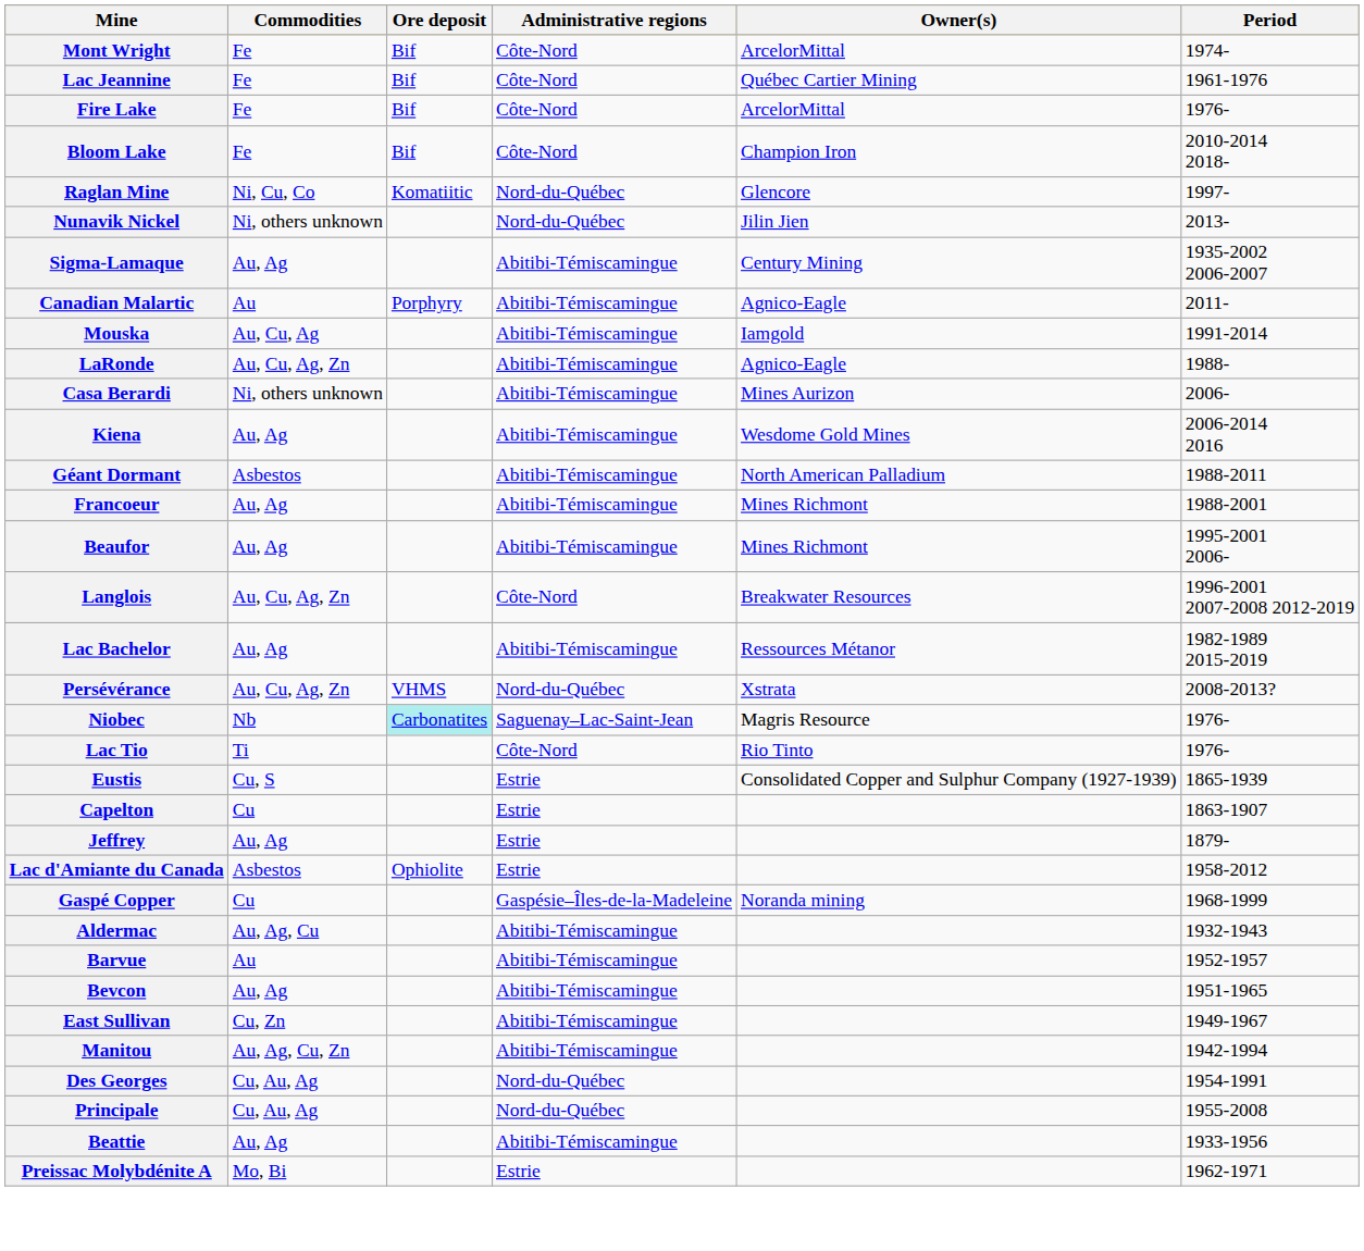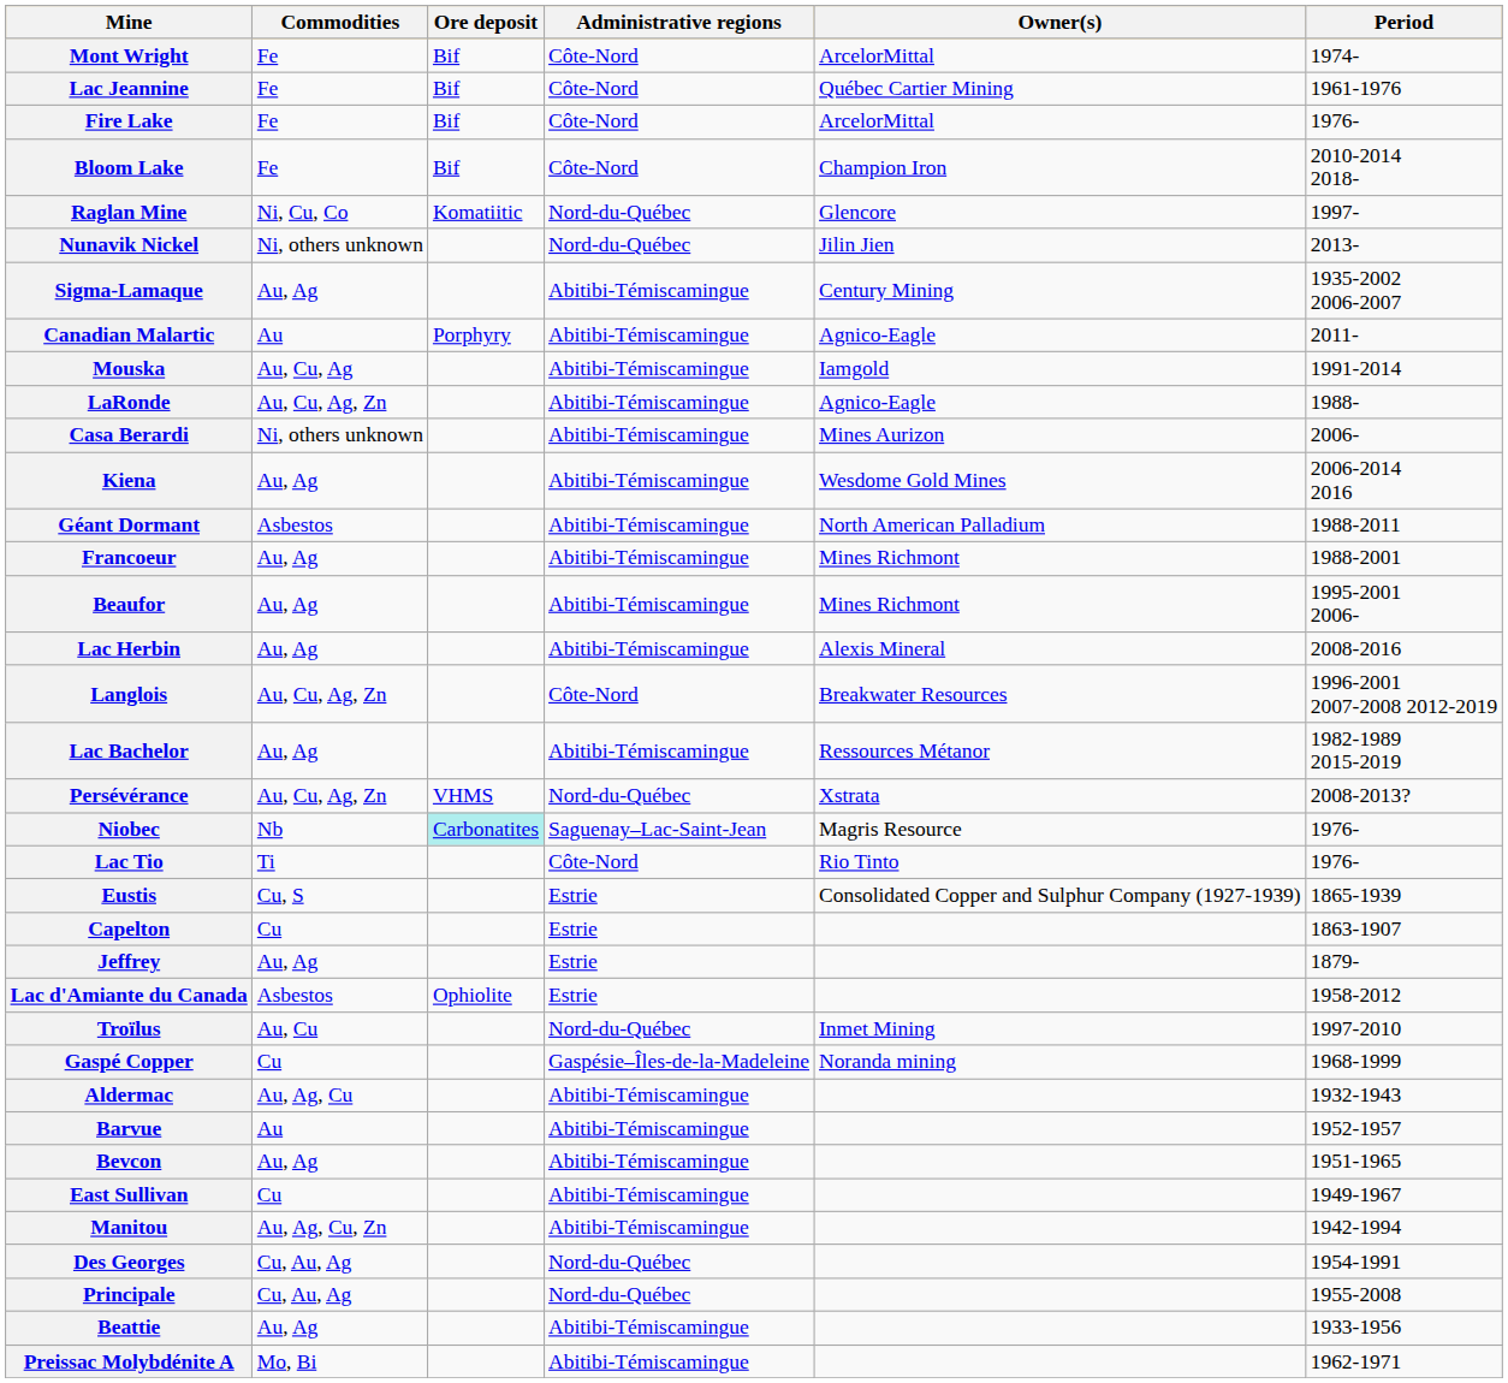 <table class="wikitable sortable" width: 100%">
 <tr style="text-align:center; background:#daa520;">
 <th><strong>Mine</strong></th>
 <th><strong>Commodities</strong></th>
 <th><strong>Ore deposit</strong></th>
 <th><strong>Administrative regions</strong></th>
 <th><strong>Owner(s)</strong></th>
 <th><strong>Period</strong></th>
 </tr>
 <tr>
 <th><a href='#'>Mont Wright</a></th>
 <td><a href='#'>Fe</a></td>
 <td><a href='#'>Bif</a></td>
 <td><a href='#'>Côte-Nord</a></td>
 <td><a href='#'>ArcelorMittal</a></td>
 <td>1974-</td>
 </tr>
 <tr>
 <th><a href='#'>Lac Jeannine</a></th>
 <td><a href='#'>Fe</a></td>
 <td><a href='#'>Bif</a></td>
 <td><a href='#'>Côte-Nord</a></td>
 <td><a href='#'>Québec Cartier Mining</a></td>
 <td>1961-1976</td>
 </tr>
 <tr>
 <th><a href='#'>Fire Lake</a></th>
 <td><a href='#'>Fe</a></td>
 <td><a href='#'>Bif</a></td>
 <td><a href='#'>Côte-Nord</a></td>
 <td><a href='#'>ArcelorMittal</a></td>
 <td>1976-</td>
 </tr>
 <tr>
 <th><a href='#'>Bloom Lake</a></th>
 <td><a href='#'>Fe</a></td>
 <td><a href='#'>Bif</a></td>
 <td><a href='#'>Côte-Nord</a></td>
 <td><a href='#'>Champion Iron</a></td>
 <td>2010-2014<br>2018-</td>
 </tr>
 <tr>
 <th><a href='#'>Raglan Mine</a></th>
 <td><a href='#'>Ni</a>, <a href='#'>Cu</a>, <a href='#'>Co</a></td>
 <td><a href='#'>Komatiitic</a></td>
 <td><a href='#'>Nord-du-Québec</a></td>
 <td><a href='#'>Glencore</a></td>
 <td>1997-</td>
 </tr>
 <tr>
 <th><a href='#'>Nunavik Nickel</a></th>
 <td><a href='#'>Ni</a>, others unknown</td>
 <td></td>
 <td><a href='#'>Nord-du-Québec</a></td>
 <td><a href='#'>Jilin Jien</a></td>
 <td>2013-</td>
 </tr>
 <tr>
 <th><a href='#'>Sigma-Lamaque</a></th>
 <td><a href='#'>Au</a>, <a href='#'>Ag</a></td>
 <td></td>
 <td><a href='#'>Abitibi-Témiscamingue </a></td>
 <td><a href='#'>Century Mining</a></td>
 <td>1935-2002<br>2006-2007</td>
 </tr>
 <tr>
 <th><a href='#'>Canadian Malartic</a></th>
 <td><a href='#'>Au</a></td>
 <td><a href='#'>Porphyry</a></td>
 <td><a href='#'>Abitibi-Témiscamingue </a></td>
 <td><a href='#'>Agnico-Eagle</a></td>
 <td>2011-</td>
 </tr>
 <tr>
 <th><a href='#'>Mouska</a></th>
 <td><a href='#'>Au</a>, <a href='#'>Cu</a>, <a href='#'>Ag</a></td>
 <td></td>
 <td><a href='#'>Abitibi-Témiscamingue </a></td>
 <td><a href='#'>Iamgold</a></td>
 <td>1991-2014</td>
 </tr>
 <tr>
 <th><a href='#'>LaRonde</a></th>
 <td><a href='#'>Au</a>, <a href='#'>Cu</a>, <a href='#'>Ag</a>, <a href='#'>Zn</a></td>
 <td></td>
 <td><a href='#'>Abitibi-Témiscamingue </a></td>
 <td><a href='#'>Agnico-Eagle</a></td>
 <td>1988-</td>
 </tr>
 <tr>
 <th><a href='#'>Casa Berardi</a></th>
 <td><a href='#'>Ni</a>, others unknown</td>
 <td></td>
 <td><a href='#'>Abitibi-Témiscamingue </a></td>
 <td><a href='#'>Mines Aurizon</a></td>
 <td>2006-</td>
 </tr>
 <tr>
 <th><a href='#'> Kiena</a></th>
 <td><a href='#'>Au</a>, <a href='#'>Ag</a></td>
 <td></td>
 <td><a href='#'>Abitibi-Témiscamingue </a></td>
 <td><a href='#'>Wesdome Gold Mines</a></td>
 <td>2006-2014<br>2016</td>
 </tr>
 <tr>
 <th><a href='#'>Géant Dormant</a></th>
 <td><a href='#'>Asbestos</a></td>
 <td></td>
 <td><a href='#'>Abitibi-Témiscamingue </a></td>
 <td><a href='#'>North American Palladium</a></td>
 <td>1988-2011</td>
 </tr>
 <tr>
 <th><a href='#'>Francoeur</a></th>
 <td><a href='#'>Au</a>, <a href='#'>Ag</a></td>
 <td></td>
 <td><a href='#'>Abitibi-Témiscamingue </a></td>
 <td><a href='#'>Mines Richmont</a></td>
 <td>1988-2001</td>
 </tr>
 <tr>
 <th><a href='#'>Beaufor</a></th>
 <td><a href='#'>Au</a>, <a href='#'>Ag</a></td>
 <td></td>
 <td><a href='#'>Abitibi-Témiscamingue </a></td>
 <td><a href='#'>Mines Richmont</a></td>
 <td>1995-2001<br>2006-</td>
 </tr>
 <tr>
+<th><a href='#'>Lac Herbin</a></th>
+<td><a href='#'>Au</a>, <a href='#'>Ag</a></td>
+<td></td>
+<td><a href='#'>Abitibi-Témiscamingue </a></td>
+<td><a href='#'>Alexis Mineral</a></td>
+<td>2008-2016</td>
+</tr>
+<tr>
 <th><a href='#'>Langlois</a></th>
 <td><a href='#'>Au</a>, <a href='#'>Cu</a>, <a href='#'>Ag</a>, <a href='#'>Zn</a></td>
 <td></td>
 <td><a href='#'>Côte-Nord</a></td>
 <td><a href='#'>Breakwater Resources</a></td>
 <td>1996-2001<br>2007-2008 2012-2019</td>
 </tr>
 <tr>
 <th><a href='#'>Lac Bachelor</a></th>
 <td><a href='#'>Au</a>, <a href='#'>Ag</a></td>
 <td></td>
 <td><a href='#'>Abitibi-Témiscamingue </a></td>
 <td><a href='#'>Ressources Métanor</a></td>
 <td>1982-1989<br>2015-2019</td>
 </tr>
 <tr>
 <th><a href='#'>Persévérance</a></th>
 <td><a href='#'>Au</a>, <a href='#'>Cu</a>, <a href='#'>Ag</a>, <a href='#'>Zn</a></td>
 <td><a href='#'>VHMS</a></td>
 <td><a href='#'>Nord-du-Québec </a></td>
 <td><a href='#'>Xstrata</a></td>
 <td>2008-2013?</td>
 </tr>
 <tr>
 <th><a href='#'>Niobec</a></th>
 <td><a href='#'>Nb</a></td>
 <td style="background: paleturquoise;"><a href='#'>Carbonatites</a></td>
 <td><a href='#'>Saguenay–Lac-Saint-Jean </a></td>
 <td>Magris Resource </td>
 <td>1976-</td>
 </tr>
 <tr>
 <th><a href='#'>Lac Tio</a></th>
 <td><a href='#'>Ti</a></td>
 <td></td>
 <td><a href='#'>Côte-Nord </a></td>
 <td><a href='#'>Rio Tinto</a></td>
 <td>1976-</td>
 </tr>
 <tr>
 <th><a href='#'>Eustis</a></th>
 <td><a href='#'>Cu</a>, <a href='#'>S</a></td>
 <td></td>
 <td><a href='#'>Estrie </a></td>
 <td>Consolidated Copper and Sulphur Company (1927-1939)</td>
 <td>1865-1939</td>
 </tr>
 <tr>
 <th><a href='#'>Capelton</a></th>
 <td><a href='#'>Cu</a></td>
 <td></td>
 <td><a href='#'>Estrie </a></td>
 <td></td>
 <td>1863-1907</td>
 </tr>
 <tr>
 <th><a href='#'>Jeffrey</a></th>
 <td><a href='#'>Au</a>, <a href='#'>Ag</a></td>
 <td></td>
 <td><a href='#'>Estrie </a></td>
 <td></td>
 <td>1879-</td>
 </tr>
 <tr>
 <th><a href='#'>Lac d'Amiante du Canada</a></th>
 <td><a href='#'>Asbestos</a></td>
 <td><a href='#'>Ophiolite</a></td>
 <td><a href='#'>Estrie </a></td>
 <td></td>
 <td>1958-2012</td>
 </tr>
 <tr>
+<th><a href='#'>Troïlus</a></th>
+<td><a href='#'>Au</a>, <a href='#'>Cu</a></td>
+<td></td>
+<td><a href='#'>Nord-du-Québec</a></td>
+<td><a href='#'>Inmet Mining</a></td>
+<td>1997-2010</td>
+</tr>
+<tr>
 <th><a href='#'>Gaspé Copper</a></th>
 <td><a href='#'>Cu</a></td>
 <td></td>
 <td><a href='#'>Gaspésie–Îles-de-la-Madeleine</a></td>
 <td><a href='#'>Noranda mining</a></td>
 <td>1968-1999</td>
 </tr>
 <tr>
 <th><a href='#'>Aldermac</a></th>
 <td><a href='#'>Au</a>, <a href='#'>Ag</a>, <a href='#'>Cu</a></td>
 <td></td>
 <td><a href='#'>Abitibi-Témiscamingue</a></td>
 <td></td>
 <td>1932-1943</td>
 </tr>
 <tr>
 <th><a href='#'>Barvue</a></th>
 <td><a href='#'>Au</a></td>
 <td></td>
 <td><a href='#'>Abitibi-Témiscamingue</a></td>
 <td></td>
 <td>1952-1957</td>
 </tr>
 <tr>
 <th><a href='#'>Bevcon</a></th>
 <td><a href='#'>Au</a>, <a href='#'>Ag</a></td>
 <td></td>
 <td><a href='#'>Abitibi-Témiscamingue</a></td>
 <td></td>
 <td>1951-1965</td>
 </tr>
 <tr>
 <th><a href='#'>East Sullivan</a></th>
-<td><a href='#'>Cu</a>, <a href='#'>Zn</a></td>
+<td><a href='#'>Cu</a></td>
 <td></td>
 <td><a href='#'>Abitibi-Témiscamingue</a></td>
 <td></td>
 <td>1949-1967</td>
 </tr>
 <tr>
 <th><a href='#'>Manitou</a></th>
 <td><a href='#'>Au</a>, <a href='#'>Ag</a>, <a href='#'>Cu</a>, <a href='#'>Zn</a></td>
 <td></td>
 <td><a href='#'>Abitibi-Témiscamingue</a></td>
 <td></td>
 <td>1942-1994</td>
 </tr>
 <tr>
 <th><a href='#'>Des Georges</a></th>
 <td><a href='#'>Cu</a>, <a href='#'>Au</a>, <a href='#'>Ag</a></td>
 <td></td>
 <td><a href='#'>Nord-du-Québec</a></td>
 <td></td>
 <td>1954-1991</td>
 </tr>
 <tr>
 <th><a href='#'>Principale</a></th>
 <td><a href='#'>Cu</a>, <a href='#'>Au</a>, <a href='#'>Ag</a></td>
 <td></td>
 <td><a href='#'>Nord-du-Québec</a></td>
 <td></td>
 <td>1955-2008</td>
 </tr>
 <tr>
 <th><a href='#'>Beattie</a></th>
 <td><a href='#'>Au</a>, <a href='#'>Ag</a></td>
 <td></td>
 <td><a href='#'>Abitibi-Témiscamingue</a></td>
 <td></td>
 <td>1933-1956</td>
 </tr>
 <tr>
 <th><a href='#'>Preissac Molybdénite A</a></th>
 <td><a href='#'>Mo</a>, <a href='#'>Bi</a></td>
 <td></td>
-<td><a href='#'>Estrie </a></td>
+<td><a href='#'>Abitibi-Témiscamingue</a></td>
 <td></td>
 <td>1962-1971</td>
 </tr>
 </table>
